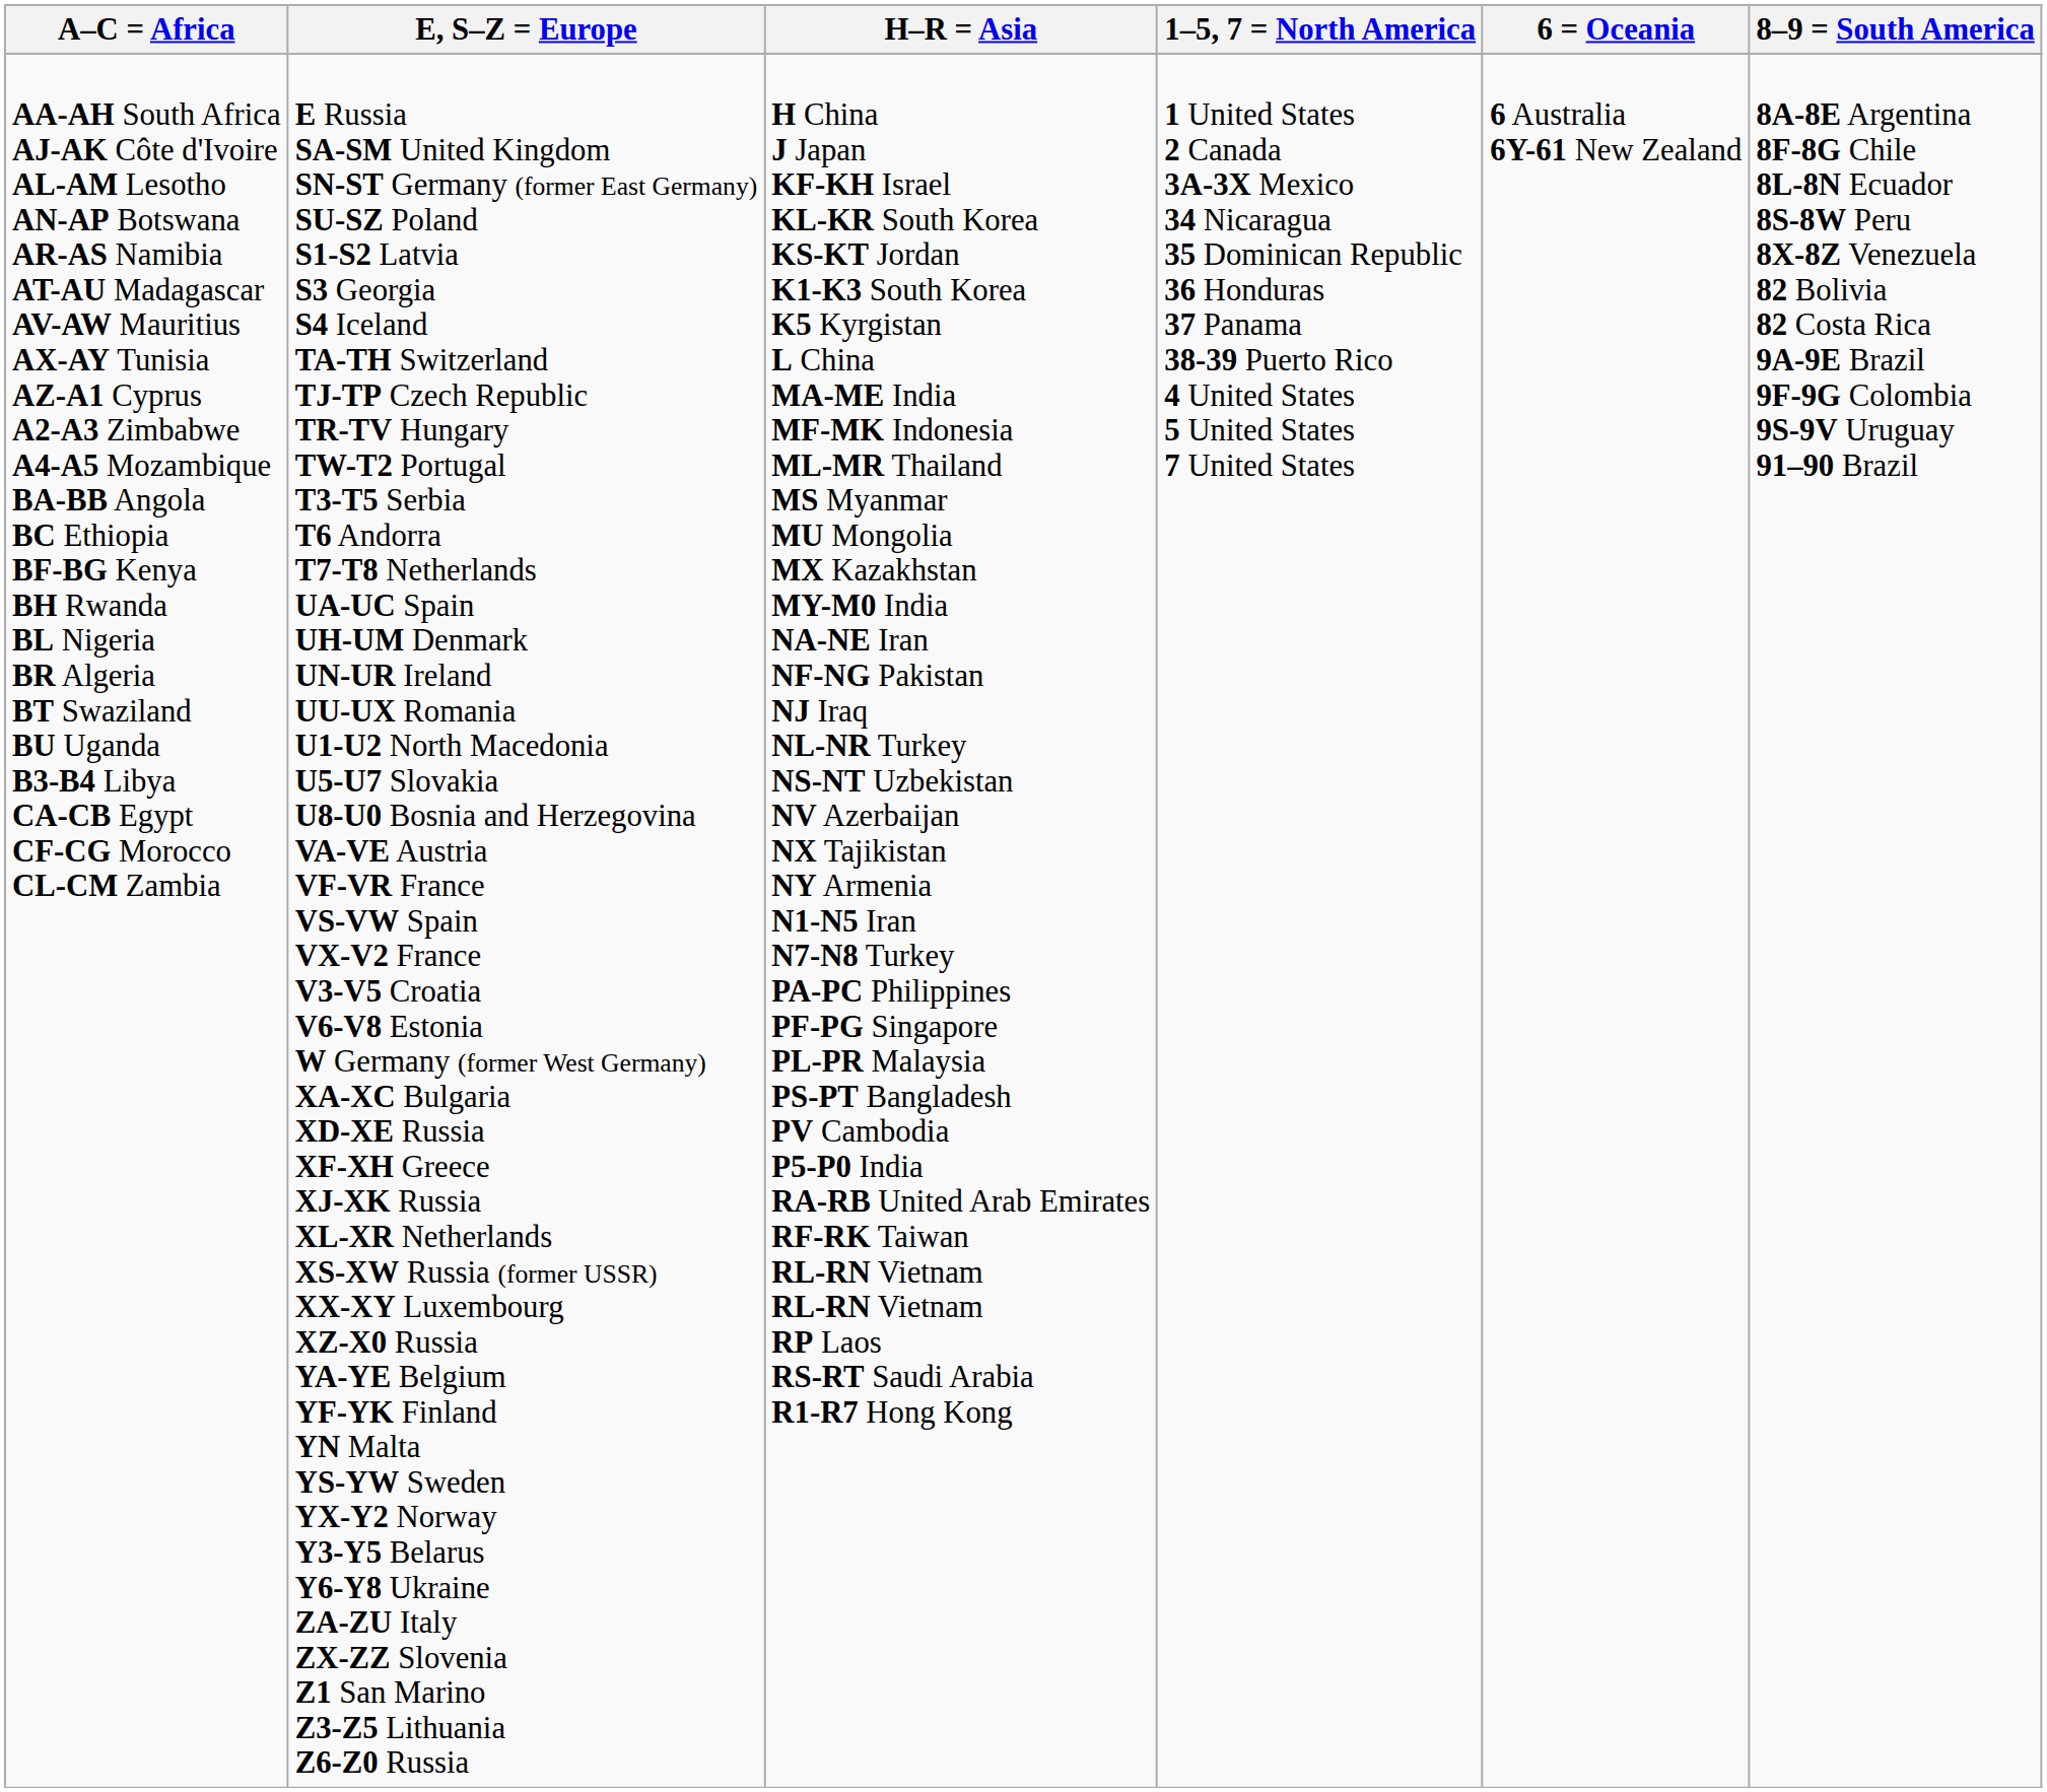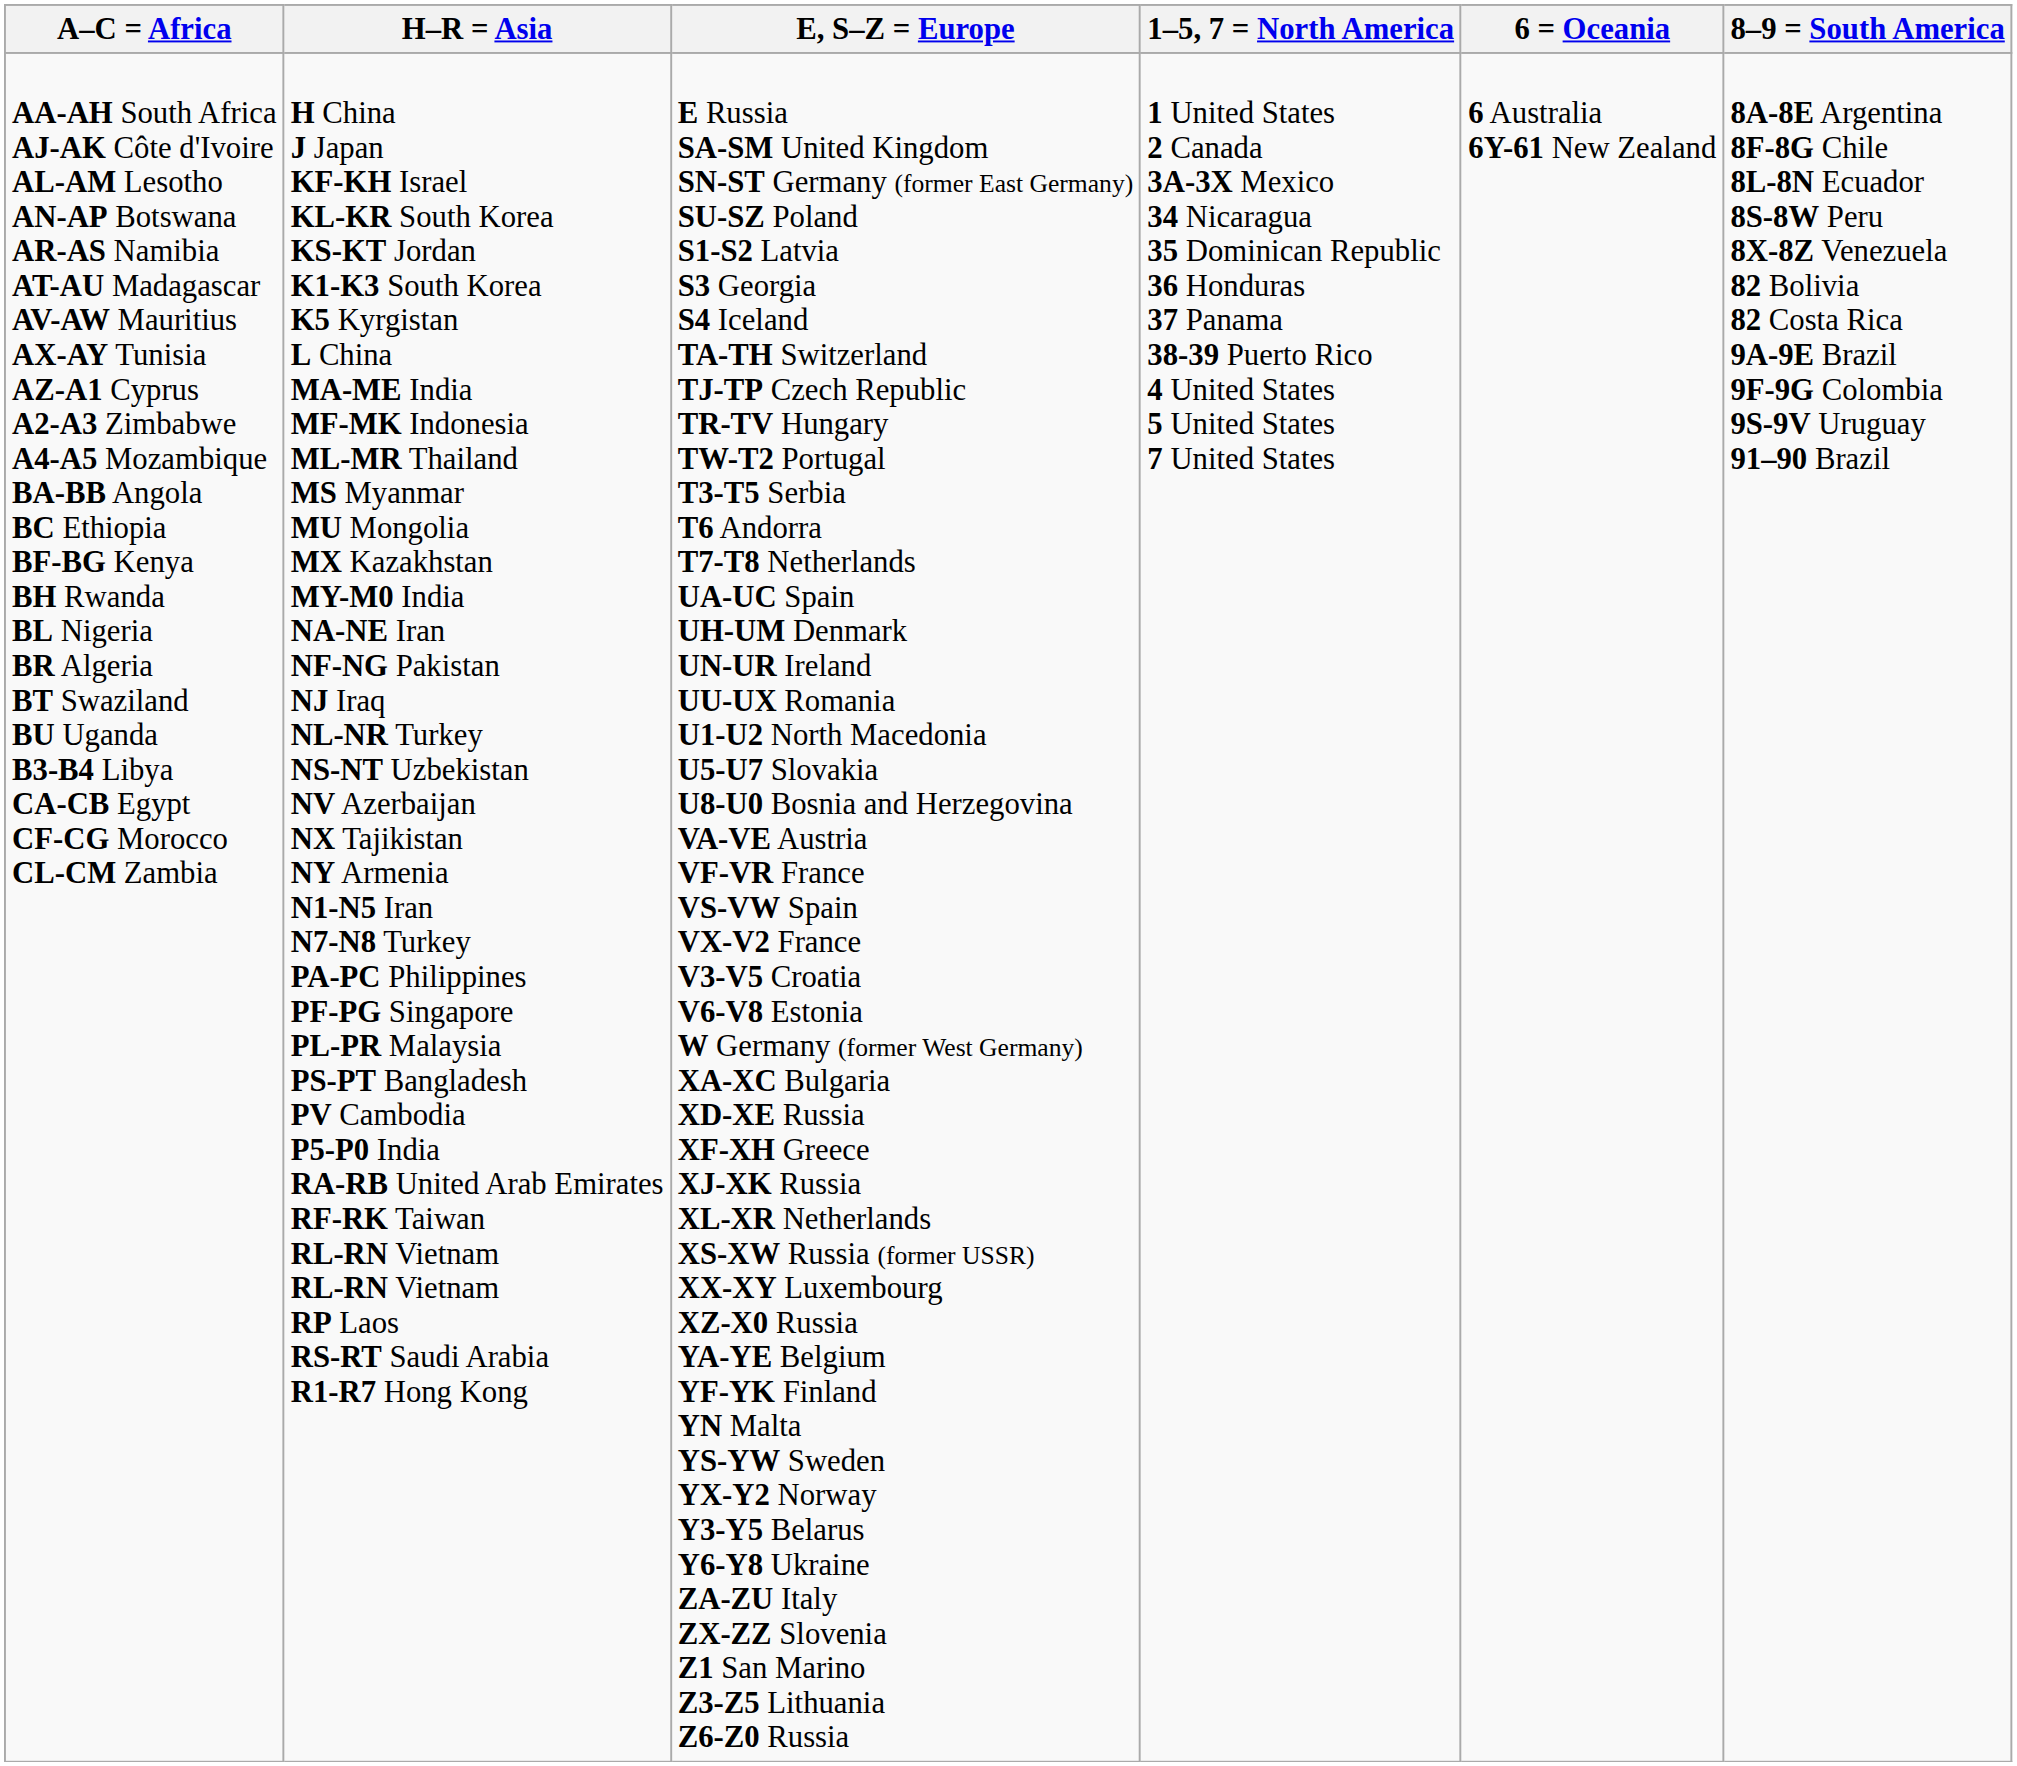 <table class="wikitable">
 <tr>
 <th><strong>A–C = <a href='#'>Africa</a></strong></th>
+<th><strong>H–R = <a href='#'>Asia</a></strong></th>
 <th><strong>E, S–Z = <a href='#'>Europe</a></strong></th>
-<th><strong>H–R = <a href='#'>Asia</a></strong></th>
 <th><strong>1–5, 7 = <a href='#'>North America</a></strong></th>
 <th><strong>6 = <a href='#'>Oceania</a></strong></th>
 <th><strong>8–9 = <a href='#'>South America</a></strong></th>
 </tr>
 <tr valign="top">
 <td><br><strong>AA-AH</strong> South Africa<br> <strong>AJ-AK</strong> Côte d'Ivoire<br> <strong>AL-AM</strong> Lesotho <br> <strong>AN-AP</strong> Botswana <br> <strong>AR-AS</strong> Namibia <br> <strong>AT-AU</strong> Madagascar <br> <strong>AV-AW</strong> Mauritius <br> <strong>AX-AY</strong> Tunisia <br> <strong>AZ-A1</strong> Cyprus <br> <strong>A2-A3</strong> Zimbabwe <br> <strong>A4-A5</strong> Mozambique <br> <strong>BA-BB</strong> Angola<br> <strong>BC</strong>    Ethiopia<br> <strong>BF-BG</strong> Kenya<br> <strong>BH</strong>    Rwanda<br> <strong>BL</strong>    Nigeria <br> <strong>BR</strong>    Algeria <br> <strong>BT</strong>    Swaziland<br> <strong>BU</strong>    Uganda<br> <strong>B3-B4</strong> Libya <br> <strong>CA-CB</strong> Egypt<br> <strong>CF-CG</strong> Morocco<br> <strong>CL-CM</strong> Zambia<br></td>
+<td><br><strong>H</strong>     China<br> <strong>J</strong>     Japan<br> <strong>KF-KH</strong> Israel<br> <strong>KL-KR</strong> South Korea<br> <strong>KS-KT</strong> Jordan<br> <strong>K1-K3</strong> South Korea<br> <strong>K5</strong> Kyrgistan<br> <strong>L</strong>     China<br> <strong>MA-ME</strong> India<br> <strong>MF-MK</strong> Indonesia<br> <strong>ML-MR</strong> Thailand<br> <strong>MS</strong> Myanmar<br> <strong>MU</strong> Mongolia<br> <strong>MX</strong> Kazakhstan<br> <strong>MY-M0</strong> India<br> <strong>NA-NE</strong> Iran<br> <strong>NF-NG</strong> Pakistan<br> <strong>NJ</strong> Iraq<br> <strong>NL-NR</strong> Turkey<br> <strong>NS-NT</strong> Uzbekistan<br> <strong>NV</strong> Azerbaijan<br> <strong>NX</strong> Tajikistan<br> <strong>NY</strong> Armenia<br> <strong>N1-N5</strong> Iran<br> <strong>N7-N8</strong> Turkey<br> <strong>PA-PC</strong> Philippines<br> <strong>PF-PG</strong> Singapore<br> <strong>PL-PR</strong> Malaysia<br> <strong>PS-PT</strong> Bangladesh<br> <strong>PV</strong> Cambodia<br> <strong>P5-P0</strong> India<br> <strong>RA-RB</strong> United Arab Emirates<br> <strong>RF-RK</strong> Taiwan<br> <strong>RL-RN</strong> Vietnam<br> <strong>RL-RN</strong> Vietnam<br> <strong>RP</strong> Laos<br> <strong>RS-RT</strong> Saudi Arabia<br> <strong>R1-R7</strong> Hong Kong</td>
 <td><br><strong>E</strong> Russia<br> <strong>SA-SM</strong> United Kingdom<br> <strong>SN-ST</strong> Germany <small>(former East Germany)</small><br> <strong>SU-SZ</strong> Poland<br> <strong>S1-S2</strong> Latvia<br> <strong>S3</strong> Georgia<br> <strong>S4</strong> Iceland<br> <strong>TA-TH</strong> Switzerland<br> <strong>TJ-TP</strong> Czech Republic<br> <strong>TR-TV</strong> Hungary<br> <strong>TW-T2</strong> Portugal<br> <strong>T3-T5</strong> Serbia<br> <strong>T6</strong>    Andorra<br> <strong>T7-T8</strong> Netherlands<br> <strong>UA-UC</strong> Spain<br> <strong>UH-UM</strong> Denmark<br> <strong>UN-UR</strong> Ireland<br> <strong>UU-UX</strong> Romania<br> <strong>U1-U2</strong> North Macedonia<br> <strong>U5-U7</strong> Slovakia<br> <strong>U8-U0</strong> Bosnia and Herzegovina<br> <strong>VA-VE</strong> Austria<br> <strong>VF-VR</strong> France<br> <strong>VS-VW</strong> Spain<br> <strong>VX-V2</strong> France<br> <strong>V3-V5</strong> Croatia<br> <strong>V6-V8</strong> Estonia<br> <strong>W</strong> Germany <small>(former West Germany)</small><br> <strong>XA-XC</strong> Bulgaria<br> <strong>XD-XE</strong> Russia<br> <strong>XF-XH</strong> Greece<br> <strong>XJ-XK</strong> Russia<br> <strong>XL-XR</strong> Netherlands<br> <strong>XS-XW</strong> Russia <small>(former USSR)</small><br> <strong>XX-XY</strong> Luxembourg<br> <strong>XZ-X0</strong> Russia<br> <strong>YA-YE</strong> Belgium<br> <strong>YF-YK</strong> Finland<br> <strong>YN</strong> Malta<br> <strong>YS-YW</strong> Sweden<br> <strong>YX-Y2</strong> Norway<br> <strong>Y3-Y5</strong> Belarus<br> <strong>Y6-Y8</strong> Ukraine<br> <strong>ZA-ZU</strong> Italy<br> <strong>ZX-ZZ</strong> Slovenia<br> <strong>Z1</strong>    San Marino<br> <strong>Z3-Z5</strong> Lithuania<br> <strong>Z6-Z0</strong> Russia</td>
-<td><br><strong>H</strong>     China<br> <strong>J</strong>     Japan<br> <strong>KF-KH</strong> Israel<br> <strong>KL-KR</strong> South Korea<br> <strong>KS-KT</strong> Jordan<br> <strong>K1-K3</strong> South Korea<br> <strong>K5</strong> Kyrgistan<br> <strong>L</strong>     China<br> <strong>MA-ME</strong> India<br> <strong>MF-MK</strong> Indonesia<br> <strong>ML-MR</strong> Thailand<br> <strong>MS</strong> Myanmar<br> <strong>MU</strong> Mongolia<br> <strong>MX</strong> Kazakhstan<br> <strong>MY-M0</strong> India<br> <strong>NA-NE</strong> Iran<br> <strong>NF-NG</strong> Pakistan<br> <strong>NJ</strong> Iraq<br> <strong>NL-NR</strong> Turkey<br> <strong>NS-NT</strong> Uzbekistan<br> <strong>NV</strong> Azerbaijan<br> <strong>NX</strong> Tajikistan<br> <strong>NY</strong> Armenia<br> <strong>N1-N5</strong> Iran<br> <strong>N7-N8</strong> Turkey<br> <strong>PA-PC</strong> Philippines<br> <strong>PF-PG</strong> Singapore<br> <strong>PL-PR</strong> Malaysia<br> <strong>PS-PT</strong> Bangladesh<br> <strong>PV</strong> Cambodia<br> <strong>P5-P0</strong> India<br> <strong>RA-RB</strong> United Arab Emirates<br> <strong>RF-RK</strong> Taiwan<br> <strong>RL-RN</strong> Vietnam<br> <strong>RL-RN</strong> Vietnam<br> <strong>RP</strong> Laos<br> <strong>RS-RT</strong> Saudi Arabia<br> <strong>R1-R7</strong> Hong Kong</td>
 <td><br><strong>1</strong> United States<br> <strong>2</strong> Canada<br> <strong>3A-3X</strong> Mexico<br> <strong>34</strong> Nicaragua<br> <strong>35</strong> Dominican Republic<br> <strong>36</strong> Honduras<br> <strong>37</strong> Panama<br> <strong>38-39</strong> Puerto Rico<br> <strong>4</strong> United States<br> <strong>5 </strong> United States<br> <strong>7</strong> United States<br></td>
 <td><br><strong>6</strong> Australia<br> <strong>6Y-61</strong> New Zealand</td>
 <td><br><strong>8A-8E</strong> Argentina<br> <strong>8F-8G</strong> Chile<br> <strong>8L-8N</strong> Ecuador<br> <strong>8S-8W</strong> Peru<br> <strong>8X-8Z</strong> Venezuela<br> <strong>82</strong> Bolivia<br> <strong>82</strong> Costa Rica<br> <strong>9A-9E</strong> Brazil<br> <strong>9F-9G</strong> Colombia<br> <strong>9S-9V</strong> Uruguay<br> <strong>91–90</strong> Brazil<br></td>
 </tr>
 </table>
